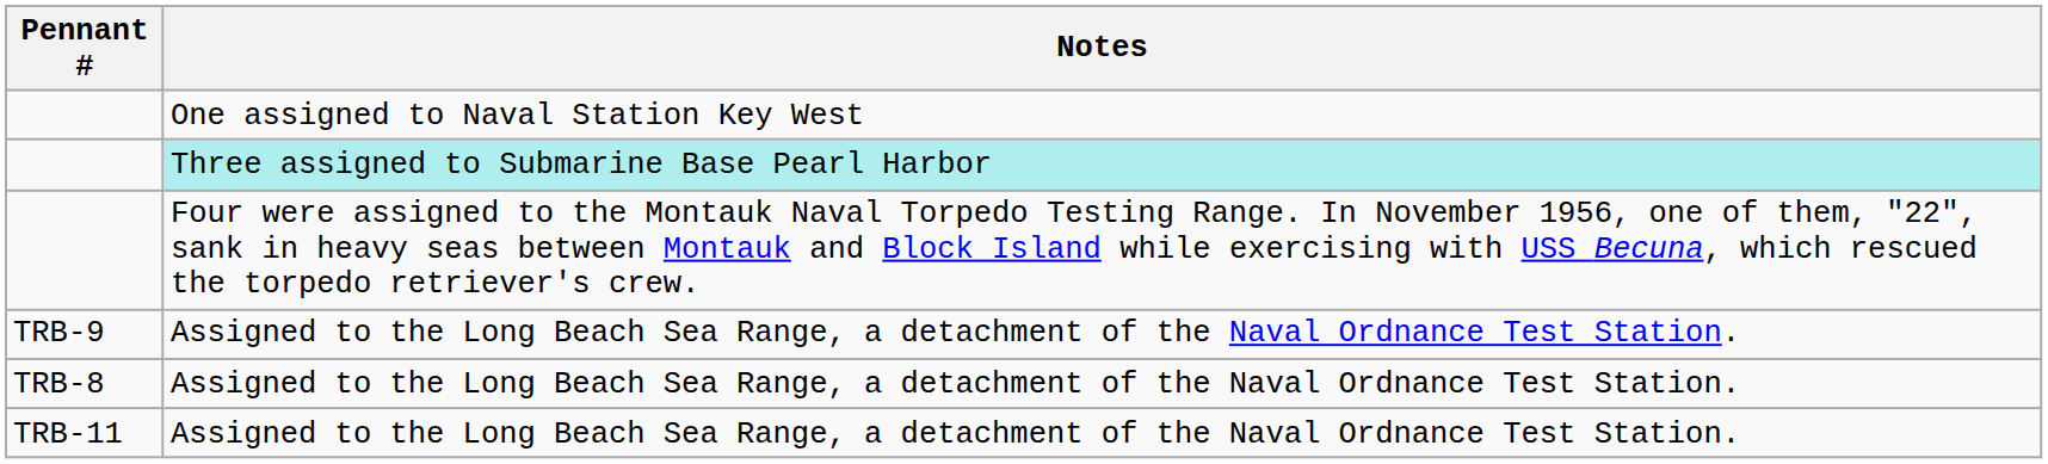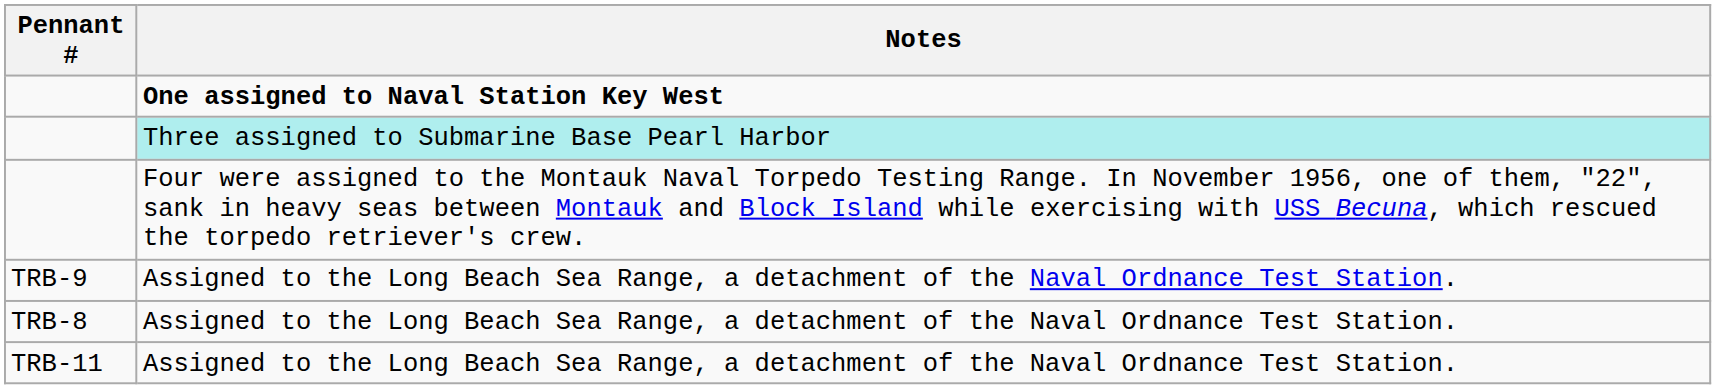 <table class="wikitable">
 <tr>
 <th>Pennant #</th>
 <th>Notes</th>
 </tr>
 <tr>
 <td></td>
-<td>One assigned to Naval Station Key West</td>
+<td><strong>One assigned to Naval Station Key West</strong></td>
 </tr>
 <tr>
 <td></td>
 <td style="background: paleturquoise;">Three assigned to Submarine Base Pearl Harbor</td>
 </tr>
 <tr>
 <td></td>
 <td>Four were assigned to the Montauk Naval Torpedo Testing Range.  In November 1956, one of them, "22", sank in heavy seas between <a href='#'>Montauk</a> and <a href='#'>Block Island</a> while exercising with <a href='#'>USS <em>Becuna</em></a>, which rescued the torpedo retriever's crew.</td>
 </tr>
 <tr>
 <td>TRB-9</td>
 <td>Assigned to the Long Beach Sea Range, a detachment of the <a href='#'>Naval Ordnance Test Station</a>.</td>
 </tr>
 <tr>
 <td>TRB-8</td>
 <td>Assigned to the Long Beach Sea Range, a detachment of the Naval Ordnance Test Station.</td>
 </tr>
 <tr>
 <td>TRB-11</td>
 <td>Assigned to the Long Beach Sea Range, a detachment of the Naval Ordnance Test Station.</td>
 </tr>
 </table>
